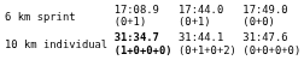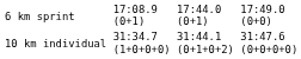 <table>
 <tr>
 <td>6 km sprint</td>
 <td></td>
 <td>17:08.9<br>(0+1)</td>
 <td></td>
 <td>17:44.0<br>(0+1)</td>
 <td></td>
 <td>17:49.0<br>(0+0)</td>
 </tr>
 <tr>
 <td>10 km individual</td>
 <td></td>
-<td><strong>31:34.7<br>(1+0+0+0)</strong></td>
+<td>31:34.7<br>(1+0+0+0)</td>
 <td></td>
 <td>31:44.1<br>(0+1+0+2)</td>
 <td></td>
 <td>31:47.6<br>(0+0+0+0)</td>
 </tr>
 </table>
